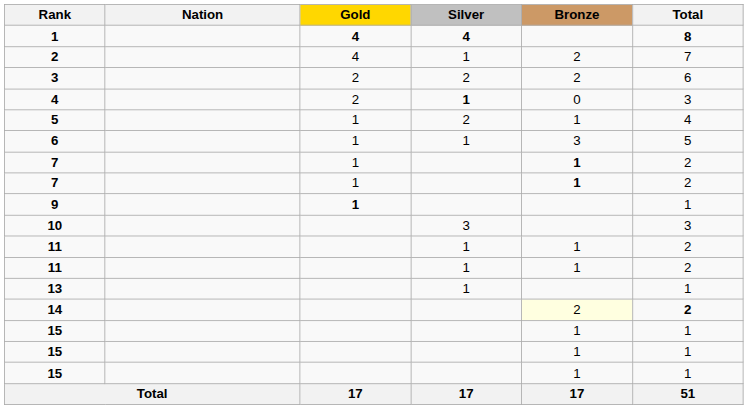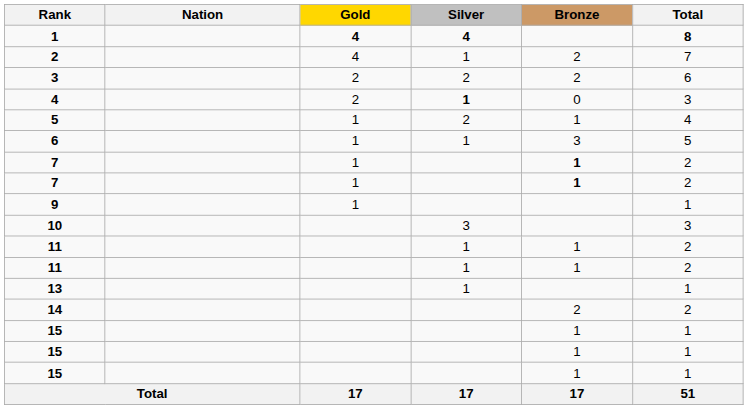 <table class="wikitable collapsible autocollapse plainrowheaders" width=70.5% style="text-align:center;">
 <tr style="background-color:#EDEDED;">
 <th width=100px class="hintergrundfarbe5">Rank</th>
 <th width=200px class="hintergrundfarbe6">Nation</th>
 <th style="background:    gold; width:15%">Gold</th>
 <th style="background:  silver; width:15%">Silver</th>
 <th style="background: #CC9966; width:15%">Bronze</th>
 <th class="hintergrundfarbe6" style="width:15%">Total</th>
 </tr>
 <tr>
 <td><strong>1</strong></td>
 <td align=left></td>
 <td><strong>4</strong></td>
 <td><strong>4</strong></td>
 <td></td>
 <td><strong>8</strong></td>
 </tr>
 <tr>
 <td><strong>2</strong></td>
 <td align=left></td>
 <td>4</td>
 <td>1</td>
 <td>2</td>
 <td>7</td>
 </tr>
 <tr>
 <td><strong>3</strong></td>
 <td align=left></td>
 <td>2</td>
 <td>2</td>
 <td>2</td>
 <td>6</td>
 </tr>
 <tr>
 <td><strong>4</strong></td>
 <td align=left></td>
 <td>2</td>
 <td><strong>1</strong></td>
 <td>0</td>
 <td>3</td>
 </tr>
 <tr>
 <td><strong>5</strong></td>
 <td align=left></td>
 <td>1</td>
 <td>2</td>
 <td>1</td>
 <td>4</td>
 </tr>
 <tr>
 <td><strong>6</strong></td>
 <td align=left></td>
 <td>1</td>
 <td>1</td>
 <td>3</td>
 <td>5</td>
 </tr>
 <tr>
 <td><strong>7</strong></td>
 <td align=left></td>
 <td>1</td>
 <td></td>
 <td><strong>1</strong></td>
 <td>2</td>
 </tr>
 <tr>
 <td><strong>7</strong></td>
 <td align=left></td>
 <td>1</td>
 <td></td>
 <td><strong>1</strong></td>
 <td>2</td>
 </tr>
 <tr>
 <td><strong>9</strong></td>
 <td align=left></td>
-<td><strong>1</strong></td>
+<td>1</td>
 <td></td>
 <td></td>
 <td>1</td>
 </tr>
 <tr>
 <td><strong>10</strong></td>
 <td align=left></td>
 <td></td>
 <td>3</td>
 <td></td>
 <td>3</td>
 </tr>
 <tr>
 <td><strong>11</strong></td>
 <td align=left></td>
 <td></td>
 <td>1</td>
 <td>1</td>
 <td>2</td>
 </tr>
 <tr>
 <td><strong>11</strong></td>
 <td align=left></td>
 <td></td>
 <td>1</td>
 <td>1</td>
 <td>2</td>
 </tr>
 <tr>
 <td><strong>13</strong></td>
 <td align=left></td>
 <td></td>
 <td>1</td>
 <td></td>
 <td>1</td>
 </tr>
 <tr>
 <td><strong>14</strong></td>
 <td align=left></td>
 <td></td>
 <td></td>
-<td style="background: lightyellow;">2</td>
-<td><strong>2</strong></td>
+<td>2</td>
+<td>2</td>
 </tr>
 <tr>
 <td><strong>15</strong></td>
 <td align=left></td>
 <td></td>
 <td></td>
 <td>1</td>
 <td>1</td>
 </tr>
 <tr>
 <td><strong>15</strong></td>
 <td align=left></td>
 <td></td>
 <td></td>
 <td>1</td>
 <td>1</td>
 </tr>
 <tr>
 <td><strong>15</strong></td>
 <td align=left></td>
 <td></td>
 <td></td>
 <td>1</td>
 <td>1</td>
 </tr>
 <tr>
 <th colspan=2>Total</th>
 <th>17</th>
 <th>17</th>
 <th>17</th>
 <th>51</th>
 </tr>
 </table>
